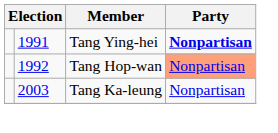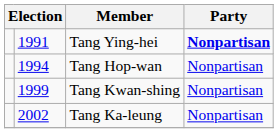 <table class="wikitable">
 <tr>
 <th colspan="2">Election</th>
 <th>Member</th>
 <th>Party</th>
 </tr>
 <tr>
 <td style="color:inherit;background:"></td>
 <td><a href='#'>1991</a></td>
 <td>Tang Ying-hei</td>
 <td><strong><a href='#'>Nonpartisan</a></strong></td>
 </tr>
 <tr>
 <td style="color:inherit;background:"></td>
-<td><a href='#'>1992</a></td>
+<td><a href='#'>1994</a></td>
 <td>Tang Hop-wan</td>
-<td style="background: lightsalmon;"><a href='#'>Nonpartisan</a></td>
+<td><a href='#'>Nonpartisan</a></td>
 </tr>
 <tr>
 <td style="color:inherit;background:"></td>
-<td><a href='#'>2003</a></td>
+<td><a href='#'>1999</a></td>
+<td>Tang Kwan-shing</td>
+<td><a href='#'>Nonpartisan</a></td>
+</tr>
+<tr>
+<td style="color:inherit;background:"></td>
+<td><a href='#'>2002</a></td>
 <td>Tang Ka-leung</td>
 <td><a href='#'>Nonpartisan</a></td>
 </tr>
 <tr>
 </tr>
 </table>
